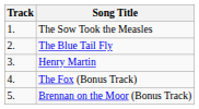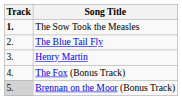 <table class="wikitable">
 <tr>
 <th>Track</th>
 <th>Song Title</th>
 </tr>
 <tr>
-<td>1.</td>
+<td><strong>1.</strong></td>
 <td>The Sow Took the Measles</td>
 </tr>
 <tr>
 <td>2.</td>
 <td><a href='#'>The Blue Tail Fly</a></td>
 </tr>
 <tr>
 <td>3.</td>
 <td><a href='#'>Henry Martin</a></td>
 </tr>
 <tr>
 <td>4.</td>
 <td><a href='#'>The Fox</a> (Bonus Track)</td>
 </tr>
 <tr>
-<td>5.</td>
+<td style="background: lightgrey;">5.</td>
 <td><a href='#'>Brennan on the Moor</a> (Bonus Track)</td>
 </tr>
 </table>
